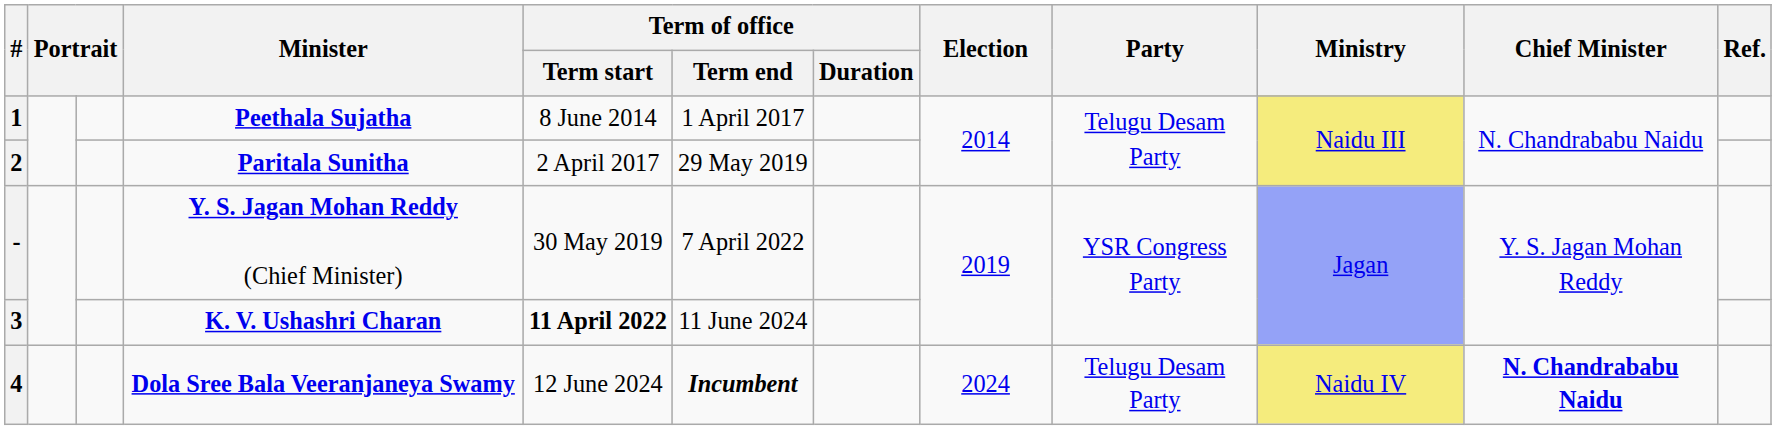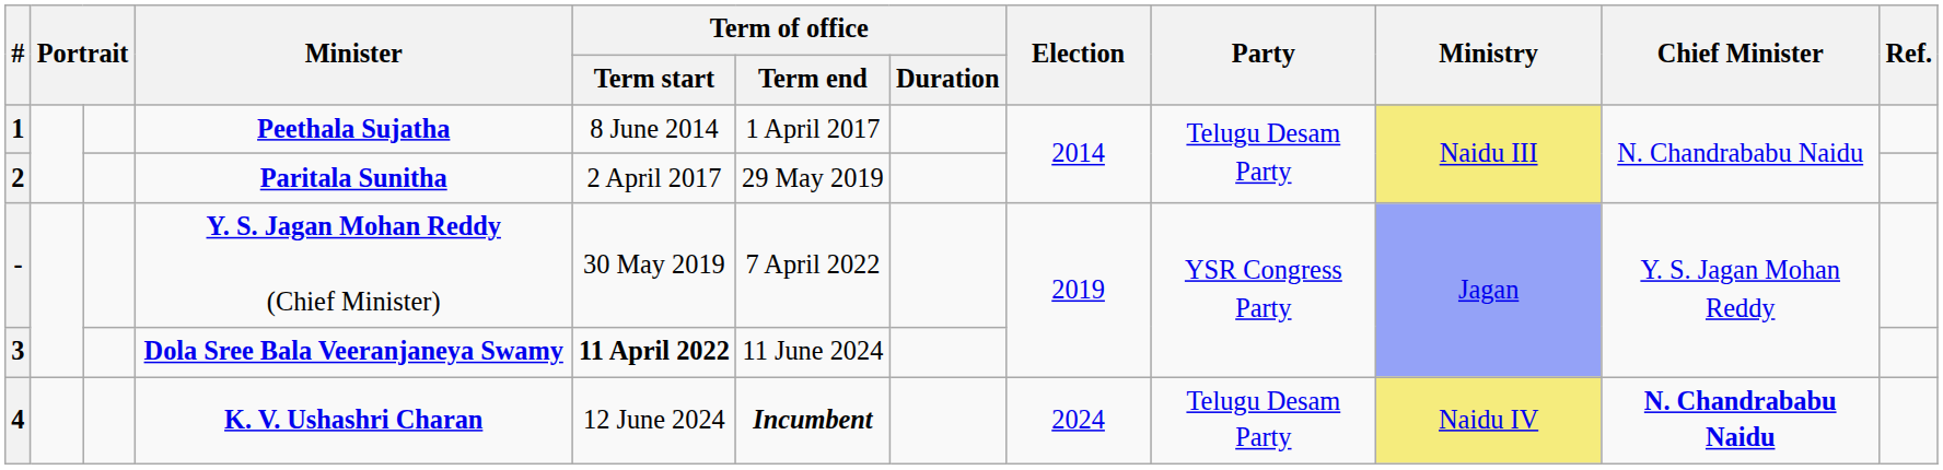 <table class="wikitable" style="line-height:1.4em; text-align:center">
 <tr>
 <th rowspan=2>#</th>
 <th rowspan=2 colspan="2">Portrait</th>
 <th rowspan=2 style="width:16em">Minister<br></th>
 <th colspan="3">Term of office</th>
 <th rowspan=2 style="width:5em">Election<br></th>
 <th rowspan=2 style="width:8em">Party</th>
 <th rowspan=2 style="width:8em">Ministry</th>
 <th rowspan=2 style="width:10em">Chief Minister</th>
 <th rowspan=2>Ref.</th>
 </tr>
 <tr>
 <th>Term start</th>
 <th>Term end</th>
 <th>Duration</th>
 </tr>
 <tr>
 <th>1</th>
 <td rowspan=2></td>
 <td></td>
 <td><strong><a href='#'>Peethala Sujatha</a></strong><br></td>
 <td>8 June 2014</td>
 <td>1 April 2017</td>
 <td><strong></strong></td>
 <td rowspan=2><a href='#'>2014</a><br></td>
 <td rowspan=2><a href='#'>Telugu Desam Party</a></td>
 <td rowspan=2 bgcolor="#F5EC7D"><a href='#'>Naidu III</a></td>
 <td rowspan=2><a href='#'>N. Chandrababu Naidu</a></td>
 <td></td>
 </tr>
 <tr>
 <th>2</th>
 <td></td>
 <td><strong><a href='#'>Paritala Sunitha</a></strong><br></td>
 <td>2 April 2017</td>
 <td>29 May 2019</td>
 <td><strong></strong></td>
 <td></td>
 </tr>
 <tr>
 <th>-</th>
 <td rowspan=2></td>
 <td></td>
 <td><strong><a href='#'>Y. S. Jagan Mohan Reddy</a></strong><br><br>(Chief Minister)</td>
 <td>30 May 2019</td>
 <td>7 April 2022</td>
 <td><strong></strong></td>
 <td rowspan=2><a href='#'>2019</a><br></td>
 <td rowspan="2"><a href='#'>YSR Congress Party</a></td>
 <td rowspan=2 bgcolor="#94A2F7"><a href='#'>Jagan</a></td>
 <td rowspan="2"><a href='#'>Y. S. Jagan Mohan Reddy</a></td>
 <td></td>
 </tr>
 <tr>
 <th>3</th>
 <td></td>
-<td><strong><a href='#'>K. V. Ushashri Charan</a></strong><br></td>
+<td><strong><a href='#'>Dola Sree Bala Veeranjaneya Swamy</a></strong><br></td>
 <td><strong>11 April 2022</strong></td>
 <td>11 June 2024</td>
 <td><strong></strong></td>
 <td></td>
 </tr>
 <tr>
 <th>4</th>
 <td></td>
 <td></td>
-<td><strong><a href='#'>Dola Sree Bala Veeranjaneya Swamy</a></strong><br></td>
+<td><strong><a href='#'>K. V. Ushashri Charan</a></strong><br></td>
 <td>12 June 2024</td>
 <td><strong><em>Incumbent</em></strong></td>
 <td><strong></strong></td>
 <td><a href='#'>2024</a><br></td>
 <td><a href='#'>Telugu Desam Party</a></td>
 <td bgcolor="#F5EC7D"><a href='#'>Naidu IV</a></td>
 <td><strong><a href='#'>N. Chandrababu Naidu</a></strong></td>
 <td></td>
 </tr>
 </table>
